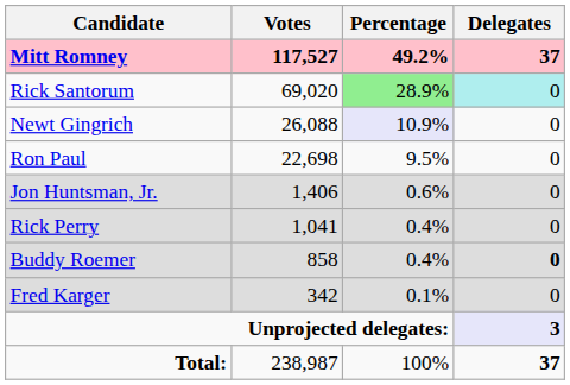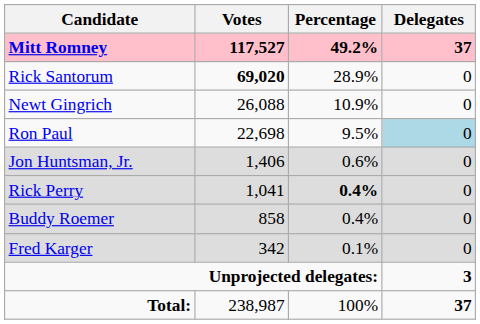 <table class="wikitable" style="font-size:95%;">
 <tr>
 <th width="160px">Candidate</th>
 <th width="75px">Votes</th>
 <th width="75px">Percentage</th>
 <th width="75px">Delegates</th>
 </tr>
 <tr align="right" bgcolor="pink">
 <td align="left"> <strong><a href='#'>Mitt Romney</a></strong></td>
 <td><strong>117,527</strong></td>
 <td><strong>49.2%</strong></td>
 <td><strong>37</strong></td>
 </tr>
 <tr align="right">
 <td align="left"><a href='#'>Rick Santorum</a></td>
-<td>69,020</td>
-<td style="background: lightgreen;">28.9%</td>
-<td style="background: paleturquoise;">0</td>
+<td><strong>69,020</strong></td>
+<td>28.9%</td>
+<td>0</td>
 </tr>
 <tr align="right">
 <td align="left"><a href='#'>Newt Gingrich</a></td>
 <td>26,088</td>
-<td style="background: lavender;">10.9%</td>
+<td>10.9%</td>
 <td>0</td>
 </tr>
 <tr align="right">
 <td align="left"><a href='#'>Ron Paul</a></td>
 <td>22,698</td>
 <td>9.5%</td>
-<td>0</td>
+<td style="background: lightblue;">0</td>
 </tr>
 <tr align="right" bgcolor="#DDDDDD" |>
 <td align="left"><a href='#'>Jon Huntsman, Jr.</a></td>
 <td>1,406</td>
 <td>0.6%</td>
 <td>0</td>
 </tr>
 <tr align="right" bgcolor="#DDDDDD" |>
 <td align="left"><a href='#'>Rick Perry</a></td>
 <td>1,041</td>
-<td>0.4%</td>
+<td><strong>0.4%</strong></td>
 <td>0</td>
 </tr>
 <tr align="right" bgcolor="#DDDDDD" |>
 <td align="left"><a href='#'>Buddy Roemer</a></td>
 <td>858</td>
 <td>0.4%</td>
-<td><strong>0</strong></td>
+<td>0</td>
 </tr>
 <tr align="right" bgcolor="#DDDDDD" |>
 <td align="left"><a href='#'>Fred Karger</a></td>
 <td>342</td>
 <td>0.1%</td>
 <td>0</td>
 </tr>
 <tr align="right">
 <td colspan="3"><strong>Unprojected delegates:</strong></td>
-<td style="background: lavender;"><strong>3</strong></td>
+<td><strong>3</strong></td>
 </tr>
 <tr align="right">
 <td><strong>Total:</strong></td>
 <td>238,987</td>
 <td>100%</td>
 <td><strong>37</strong></td>
 </tr>
 </table>
